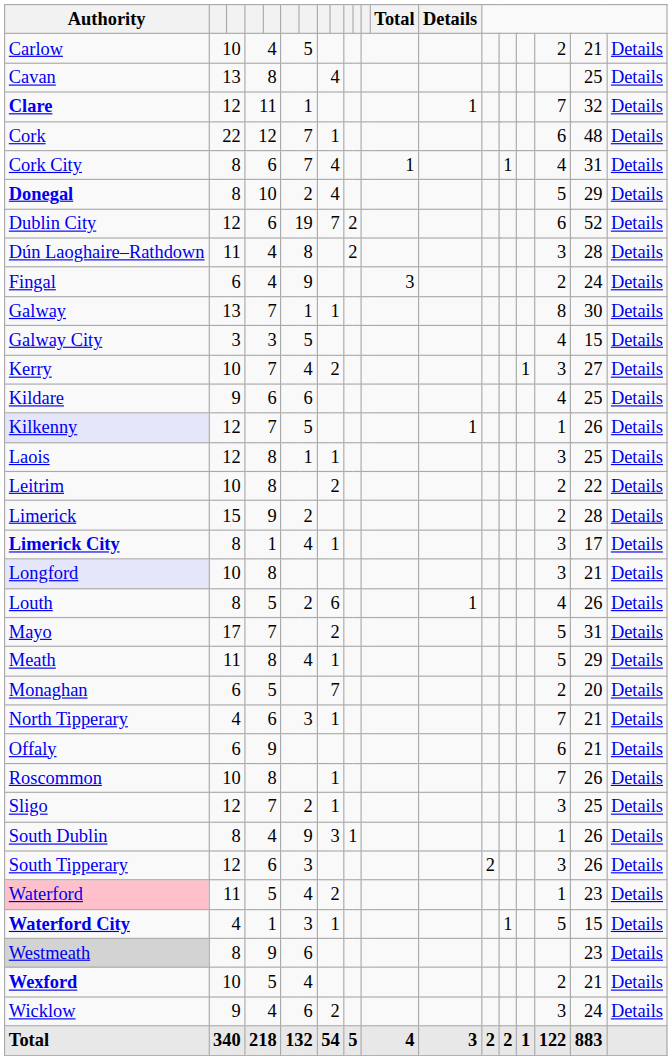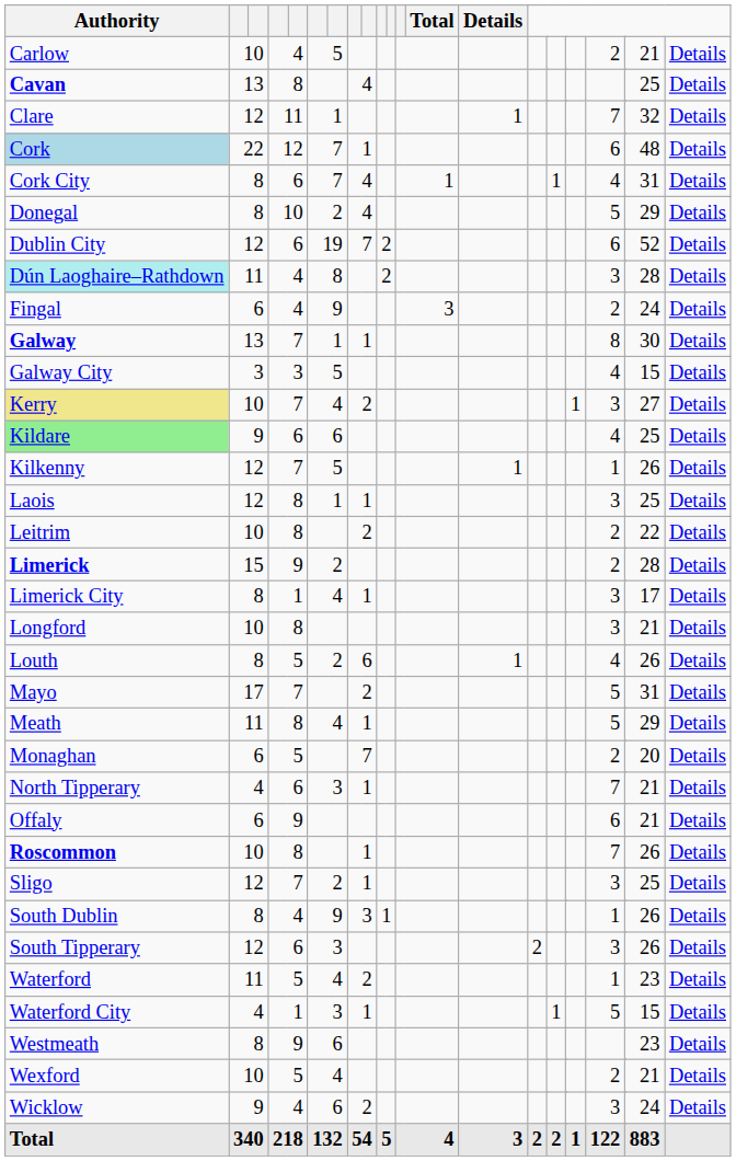 <table class="wikitable" style="text-align:right; padding-left:1em">
 <tr>
 <th align="left">Authority</th>
 <th></th>
 <th></th>
 <th></th>
 <th></th>
 <th></th>
 <th></th>
 <th></th>
 <th></th>
 <th></th>
 <th></th>
 <th></th>
 <th>Total</th>
 <th>Details</th>
 </tr>
 <tr>
 <td align=left><a href='#'>Carlow</a></td>
 <td colspan=2>10</td>
 <td colspan=2>4</td>
 <td colspan=2>5</td>
 <td colspan=2></td>
 <td colspan=2></td>
 <td colspan=2></td>
 <td colspan=2></td>
 <td colspan=2></td>
 <td colspan=2></td>
 <td colspan=2></td>
 <td colspan=2>2</td>
 <td>21</td>
 <td><a href='#'>Details</a></td>
 </tr>
 <tr>
-<td align=left><a href='#'>Cavan</a></td>
+<td align=left><strong><a href='#'>Cavan</a></strong></td>
 <td colspan=2>13</td>
 <td colspan=2>8</td>
 <td colspan=2></td>
 <td colspan=2>4</td>
 <td colspan=2></td>
 <td colspan=2></td>
 <td colspan=2></td>
 <td colspan=2></td>
 <td colspan=2></td>
 <td colspan=2></td>
 <td colspan=2></td>
 <td>25</td>
 <td><a href='#'>Details</a></td>
 </tr>
 <tr>
-<td align=left><strong><a href='#'>Clare</a></strong></td>
+<td align=left><a href='#'>Clare</a></td>
 <td colspan=2>12</td>
 <td colspan=2>11</td>
 <td colspan=2>1</td>
 <td colspan=2></td>
 <td colspan=2></td>
 <td colspan=2></td>
 <td colspan=2>1</td>
 <td colspan=2></td>
 <td colspan=2></td>
 <td colspan=2></td>
 <td colspan=2>7</td>
 <td>32</td>
 <td><a href='#'>Details</a></td>
 </tr>
 <tr>
-<td align=left><a href='#'>Cork</a></td>
+<td align=left style="background: lightblue;"><a href='#'>Cork</a></td>
 <td colspan=2>22</td>
 <td colspan=2>12</td>
 <td colspan=2>7</td>
 <td colspan=2>1</td>
 <td colspan=2></td>
 <td colspan=2></td>
 <td colspan=2></td>
 <td colspan=2></td>
 <td colspan=2></td>
 <td colspan=2></td>
 <td colspan=2>6</td>
 <td>48</td>
 <td><a href='#'>Details</a></td>
 </tr>
 <tr>
 <td align=left><a href='#'>Cork City</a></td>
 <td colspan=2>8</td>
 <td colspan=2>6</td>
 <td colspan=2>7</td>
 <td colspan=2>4</td>
 <td colspan=2></td>
 <td colspan=2>1</td>
 <td colspan=2></td>
 <td colspan=2></td>
 <td colspan=2>1</td>
 <td colspan=2></td>
 <td colspan=2>4</td>
 <td>31</td>
 <td><a href='#'>Details</a></td>
 </tr>
 <tr>
-<td align=left><strong><a href='#'>Donegal</a></strong></td>
+<td align=left><a href='#'>Donegal</a></td>
 <td colspan=2>8</td>
 <td colspan=2>10</td>
 <td colspan=2>2</td>
 <td colspan=2>4</td>
 <td colspan=2></td>
 <td colspan=2></td>
 <td colspan=2></td>
 <td colspan=2></td>
 <td colspan=2></td>
 <td colspan=2></td>
 <td colspan=2>5</td>
 <td>29</td>
 <td><a href='#'>Details</a></td>
 </tr>
 <tr>
 <td align=left><a href='#'>Dublin City</a></td>
 <td colspan=2>12</td>
 <td colspan=2>6</td>
 <td colspan=2>19</td>
 <td colspan=2>7</td>
 <td colspan=2>2</td>
 <td colspan=2></td>
 <td colspan=2></td>
 <td colspan=2></td>
 <td colspan=2></td>
 <td colspan=2></td>
 <td colspan=2>6</td>
 <td>52</td>
 <td><a href='#'>Details</a></td>
 </tr>
 <tr>
-<td align=left><a href='#'>Dún Laoghaire–Rathdown</a></td>
+<td align=left style="background: paleturquoise;"><a href='#'>Dún Laoghaire–Rathdown</a></td>
 <td colspan=2>11</td>
 <td colspan=2>4</td>
 <td colspan=2>8</td>
 <td colspan=2></td>
 <td colspan=2>2</td>
 <td colspan=2></td>
 <td colspan=2></td>
 <td colspan=2></td>
 <td colspan=2></td>
 <td colspan=2></td>
 <td colspan=2>3</td>
 <td>28</td>
 <td><a href='#'>Details</a></td>
 </tr>
 <tr>
 <td align=left><a href='#'>Fingal</a></td>
 <td colspan=2>6</td>
 <td colspan=2>4</td>
 <td colspan=2>9</td>
 <td colspan=2></td>
 <td colspan=2></td>
 <td colspan=2>3</td>
 <td colspan=2></td>
 <td colspan=2></td>
 <td colspan=2></td>
 <td colspan=2></td>
 <td colspan=2>2</td>
 <td>24</td>
 <td><a href='#'>Details</a></td>
 </tr>
 <tr>
-<td align=left><a href='#'>Galway</a></td>
+<td align=left><strong><a href='#'>Galway</a></strong></td>
 <td colspan=2>13</td>
 <td colspan=2>7</td>
 <td colspan=2>1</td>
 <td colspan=2>1</td>
 <td colspan=2></td>
 <td colspan=2></td>
 <td colspan=2></td>
 <td colspan=2></td>
 <td colspan=2></td>
 <td colspan=2></td>
 <td colspan=2>8</td>
 <td>30</td>
 <td><a href='#'>Details</a></td>
 </tr>
 <tr>
 <td align=left><a href='#'>Galway City</a></td>
 <td colspan=2>3</td>
 <td colspan=2>3</td>
 <td colspan=2>5</td>
 <td colspan=2></td>
 <td colspan=2></td>
 <td colspan=2></td>
 <td colspan=2></td>
 <td colspan=2></td>
 <td colspan=2></td>
 <td colspan=2></td>
 <td colspan=2>4</td>
 <td>15</td>
 <td><a href='#'>Details</a></td>
 </tr>
 <tr>
-<td align=left><a href='#'>Kerry</a></td>
+<td align=left style="background: khaki;"><a href='#'>Kerry</a></td>
 <td colspan=2>10</td>
 <td colspan=2>7</td>
 <td colspan=2>4</td>
 <td colspan=2>2</td>
 <td colspan=2></td>
 <td colspan=2></td>
 <td colspan=2></td>
 <td colspan=2></td>
 <td colspan=2></td>
 <td colspan=2>1</td>
 <td colspan=2>3</td>
 <td>27</td>
 <td><a href='#'>Details</a></td>
 </tr>
 <tr>
-<td align=left><a href='#'>Kildare</a></td>
+<td align=left style="background: lightgreen;"><a href='#'>Kildare</a></td>
 <td colspan=2>9</td>
 <td colspan=2>6</td>
 <td colspan=2>6</td>
 <td colspan=2></td>
 <td colspan=2></td>
 <td colspan=2></td>
 <td colspan=2></td>
 <td colspan=2></td>
 <td colspan=2></td>
 <td colspan=2></td>
 <td colspan=2>4</td>
 <td>25</td>
 <td><a href='#'>Details</a></td>
 </tr>
 <tr>
-<td align=left style="background: lavender;"><a href='#'>Kilkenny</a></td>
+<td align=left><a href='#'>Kilkenny</a></td>
 <td colspan=2>12</td>
 <td colspan=2>7</td>
 <td colspan=2>5</td>
 <td colspan=2></td>
 <td colspan=2></td>
 <td colspan=2></td>
 <td colspan=2>1</td>
 <td colspan=2></td>
 <td colspan=2></td>
 <td colspan=2></td>
 <td colspan=2>1</td>
 <td>26</td>
 <td><a href='#'>Details</a></td>
 </tr>
 <tr>
 <td align=left><a href='#'>Laois</a></td>
 <td colspan=2>12</td>
 <td colspan=2>8</td>
 <td colspan=2>1</td>
 <td colspan=2>1</td>
 <td colspan=2></td>
 <td colspan=2></td>
 <td colspan=2></td>
 <td colspan=2></td>
 <td colspan=2></td>
 <td colspan=2></td>
 <td colspan=2>3</td>
 <td>25</td>
 <td><a href='#'>Details</a></td>
 </tr>
 <tr>
 <td align=left><a href='#'>Leitrim</a></td>
 <td colspan=2>10</td>
 <td colspan=2>8</td>
 <td colspan=2></td>
 <td colspan=2>2</td>
 <td colspan=2></td>
 <td colspan=2></td>
 <td colspan=2></td>
 <td colspan=2></td>
 <td colspan=2></td>
 <td colspan=2></td>
 <td colspan=2>2</td>
 <td>22</td>
 <td><a href='#'>Details</a></td>
 </tr>
 <tr>
-<td align=left><a href='#'>Limerick</a></td>
+<td align=left><strong><a href='#'>Limerick</a></strong></td>
 <td colspan=2>15</td>
 <td colspan=2>9</td>
 <td colspan=2>2</td>
 <td colspan=2></td>
 <td colspan=2></td>
 <td colspan=2></td>
 <td colspan=2></td>
 <td colspan=2></td>
 <td colspan=2></td>
 <td colspan=2></td>
 <td colspan=2>2</td>
 <td>28</td>
 <td><a href='#'>Details</a></td>
 </tr>
 <tr>
-<td align=left><strong><a href='#'>Limerick City</a></strong></td>
+<td align=left><a href='#'>Limerick City</a></td>
 <td colspan=2>8</td>
 <td colspan=2>1</td>
 <td colspan=2>4</td>
 <td colspan=2>1</td>
 <td colspan=2></td>
 <td colspan=2></td>
 <td colspan=2></td>
 <td colspan=2></td>
 <td colspan=2></td>
 <td colspan=2></td>
 <td colspan=2>3</td>
 <td>17</td>
 <td><a href='#'>Details</a></td>
 </tr>
 <tr>
-<td align=left style="background: lavender;"><a href='#'>Longford</a></td>
+<td align=left><a href='#'>Longford</a></td>
 <td colspan=2>10</td>
 <td colspan=2>8</td>
 <td colspan=2></td>
 <td colspan=2></td>
 <td colspan=2></td>
 <td colspan=2></td>
 <td colspan=2></td>
 <td colspan=2></td>
 <td colspan=2></td>
 <td colspan=2></td>
 <td colspan=2>3</td>
 <td>21</td>
 <td><a href='#'>Details</a></td>
 </tr>
 <tr>
 <td align=left><a href='#'>Louth</a></td>
 <td colspan=2>8</td>
 <td colspan=2>5</td>
 <td colspan=2>2</td>
 <td colspan=2>6</td>
 <td colspan=2></td>
 <td colspan=2></td>
 <td colspan=2>1</td>
 <td colspan=2></td>
 <td colspan=2></td>
 <td colspan=2></td>
 <td colspan=2>4</td>
 <td>26</td>
 <td><a href='#'>Details</a></td>
 </tr>
 <tr>
 <td align=left><a href='#'>Mayo</a></td>
 <td colspan=2>17</td>
 <td colspan=2>7</td>
 <td colspan=2></td>
 <td colspan=2>2</td>
 <td colspan=2></td>
 <td colspan=2></td>
 <td colspan=2></td>
 <td colspan=2></td>
 <td colspan=2></td>
 <td colspan=2></td>
 <td colspan=2>5</td>
 <td>31</td>
 <td><a href='#'>Details</a></td>
 </tr>
 <tr>
 <td align=left><a href='#'>Meath</a></td>
 <td colspan=2>11</td>
 <td colspan=2>8</td>
 <td colspan=2>4</td>
 <td colspan=2>1</td>
 <td colspan=2></td>
 <td colspan=2></td>
 <td colspan=2></td>
 <td colspan=2></td>
 <td colspan=2></td>
 <td colspan=2></td>
 <td colspan=2>5</td>
 <td>29</td>
 <td><a href='#'>Details</a></td>
 </tr>
 <tr>
 <td align=left><a href='#'>Monaghan</a></td>
 <td colspan=2>6</td>
 <td colspan=2>5</td>
 <td colspan=2></td>
 <td colspan=2>7</td>
 <td colspan=2></td>
 <td colspan=2></td>
 <td colspan=2></td>
 <td colspan=2></td>
 <td colspan=2></td>
 <td colspan=2></td>
 <td colspan=2>2</td>
 <td>20</td>
 <td><a href='#'>Details</a></td>
 </tr>
 <tr>
 <td align=left><a href='#'>North Tipperary</a></td>
 <td colspan=2>4</td>
 <td colspan=2>6</td>
 <td colspan=2>3</td>
 <td colspan=2>1</td>
 <td colspan=2></td>
 <td colspan=2></td>
 <td colspan=2></td>
 <td colspan=2></td>
 <td colspan=2></td>
 <td colspan=2></td>
 <td colspan=2>7</td>
 <td>21</td>
 <td><a href='#'>Details</a></td>
 </tr>
 <tr>
 <td align=left><a href='#'>Offaly</a></td>
 <td colspan=2>6</td>
 <td colspan=2>9</td>
 <td colspan=2></td>
 <td colspan=2></td>
 <td colspan=2></td>
 <td colspan=2></td>
 <td colspan=2></td>
 <td colspan=2></td>
 <td colspan=2></td>
 <td colspan=2></td>
 <td colspan=2>6</td>
 <td>21</td>
 <td><a href='#'>Details</a></td>
 </tr>
 <tr>
-<td align=left><a href='#'>Roscommon</a></td>
+<td align=left><strong><a href='#'>Roscommon</a></strong></td>
 <td colspan=2>10</td>
 <td colspan=2>8</td>
 <td colspan=2></td>
 <td colspan=2>1</td>
 <td colspan=2></td>
 <td colspan=2></td>
 <td colspan=2></td>
 <td colspan=2></td>
 <td colspan=2></td>
 <td colspan=2></td>
 <td colspan=2>7</td>
 <td>26</td>
 <td><a href='#'>Details</a></td>
 </tr>
 <tr>
 <td align=left><a href='#'>Sligo</a></td>
 <td colspan=2>12</td>
 <td colspan=2>7</td>
 <td colspan=2>2</td>
 <td colspan=2>1</td>
 <td colspan=2></td>
 <td colspan=2></td>
 <td colspan=2></td>
 <td colspan=2></td>
 <td colspan=2></td>
 <td colspan=2></td>
 <td colspan=2>3</td>
 <td>25</td>
 <td><a href='#'>Details</a></td>
 </tr>
 <tr>
 <td align=left><a href='#'>South Dublin</a></td>
 <td colspan=2>8</td>
 <td colspan=2>4</td>
 <td colspan=2>9</td>
 <td colspan=2>3</td>
 <td colspan=2>1</td>
 <td colspan=2></td>
 <td colspan=2></td>
 <td colspan=2></td>
 <td colspan=2></td>
 <td colspan=2></td>
 <td colspan=2>1</td>
 <td>26</td>
 <td><a href='#'>Details</a></td>
 </tr>
 <tr>
 <td align=left><a href='#'>South Tipperary</a></td>
 <td colspan=2>12</td>
 <td colspan=2>6</td>
 <td colspan=2>3</td>
 <td colspan=2></td>
 <td colspan=2></td>
 <td colspan=2></td>
 <td colspan=2></td>
 <td colspan=2>2</td>
 <td colspan=2></td>
 <td colspan=2></td>
 <td colspan=2>3</td>
 <td>26</td>
 <td><a href='#'>Details</a></td>
 </tr>
 <tr>
-<td align=left style="background: pink;"><a href='#'>Waterford</a></td>
+<td align=left><a href='#'>Waterford</a></td>
 <td colspan=2>11</td>
 <td colspan=2>5</td>
 <td colspan=2>4</td>
 <td colspan=2>2</td>
 <td colspan=2></td>
 <td colspan=2></td>
 <td colspan=2></td>
 <td colspan=2></td>
 <td colspan=2></td>
 <td colspan=2></td>
 <td colspan=2>1</td>
 <td>23</td>
 <td><a href='#'>Details</a></td>
 </tr>
 <tr>
-<td align=left><strong><a href='#'>Waterford City</a></strong></td>
+<td align=left><a href='#'>Waterford City</a></td>
 <td colspan=2>4</td>
 <td colspan=2>1</td>
 <td colspan=2>3</td>
 <td colspan=2>1</td>
 <td colspan=2></td>
 <td colspan=2></td>
 <td colspan=2></td>
 <td colspan=2></td>
 <td colspan=2>1</td>
 <td colspan=2></td>
 <td colspan=2>5</td>
 <td>15</td>
 <td><a href='#'>Details</a></td>
 </tr>
 <tr>
-<td align=left style="background: lightgrey;"><a href='#'>Westmeath</a></td>
+<td align=left><a href='#'>Westmeath</a></td>
 <td colspan=2>8</td>
 <td colspan=2>9</td>
 <td colspan=2>6</td>
 <td colspan=2></td>
 <td colspan=2></td>
 <td colspan=2></td>
 <td colspan=2></td>
 <td colspan=2></td>
 <td colspan=2></td>
 <td colspan=2></td>
 <td colspan=2></td>
 <td>23</td>
 <td><a href='#'>Details</a></td>
 </tr>
 <tr>
-<td align=left><strong><a href='#'>Wexford</a></strong></td>
+<td align=left><a href='#'>Wexford</a></td>
 <td colspan=2>10</td>
 <td colspan=2>5</td>
 <td colspan=2>4</td>
 <td colspan=2></td>
 <td colspan=2></td>
 <td colspan=2></td>
 <td colspan=2></td>
 <td colspan=2></td>
 <td colspan=2></td>
 <td colspan=2></td>
 <td colspan=2>2</td>
 <td>21</td>
 <td><a href='#'>Details</a></td>
 </tr>
 <tr>
 <td align=left><a href='#'>Wicklow</a></td>
 <td colspan=2>9</td>
 <td colspan=2>4</td>
 <td colspan=2>6</td>
 <td colspan=2>2</td>
 <td colspan=2></td>
 <td colspan=2></td>
 <td colspan=2></td>
 <td colspan=2></td>
 <td colspan=2></td>
 <td colspan=2></td>
 <td colspan=2>3</td>
 <td>24</td>
 <td><a href='#'>Details</a></td>
 </tr>
 <tr style="font-weight:bold; background:rgb(232,232,232);">
 <td align=left>Total</td>
 <td colspan=2>340</td>
 <td colspan=2>218</td>
 <td colspan=2>132</td>
 <td colspan=2>54</td>
 <td colspan=2>5</td>
 <td colspan=2>4</td>
 <td colspan=2>3</td>
 <td colspan=2>2</td>
 <td colspan=2>2</td>
 <td colspan=2>1</td>
 <td colspan=2>122</td>
 <td>883</td>
 <td></td>
 </tr>
 </table>
